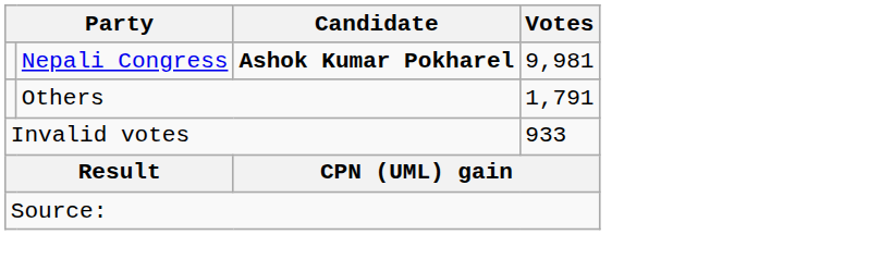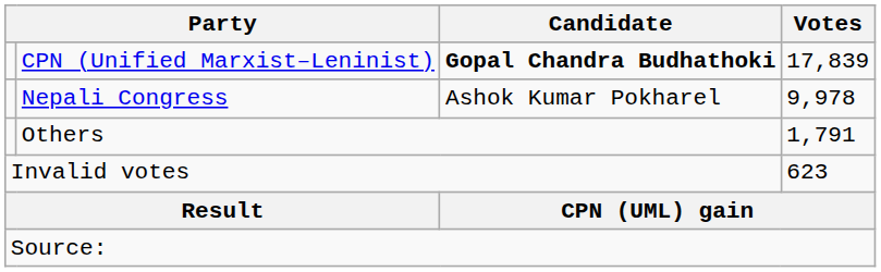 <table class="wikitable">
 <tr>
 <th colspan="2">Party</th>
 <th>Candidate</th>
 <th>Votes</th>
 </tr>
 <tr>
 <td style="background-color:"></td>
+<td><a href='#'>CPN (Unified Marxist–Leninist)</a></td>
+<td><strong>Gopal Chandra Budhathoki</strong></td>
+<td>17,839</td>
+</tr>
+<tr>
+<td style="background-color:"></td>
 <td><a href='#'>Nepali Congress</a></td>
-<td><strong>Ashok Kumar Pokharel</strong></td>
-<td>9,981</td>
+<td>Ashok Kumar Pokharel</td>
+<td>9,978</td>
 </tr>
 <tr>
 <td></td>
 <td colspan="2">Others</td>
 <td>1,791</td>
 </tr>
 <tr>
 <td colspan="3">Invalid votes</td>
-<td>933</td>
+<td>623</td>
 </tr>
 <tr>
 <th colspan="2">Result</th>
 <th colspan="2">CPN (UML) gain</th>
 </tr>
 <tr>
 <td colspan="4">Source: </td>
 </tr>
 </table>
